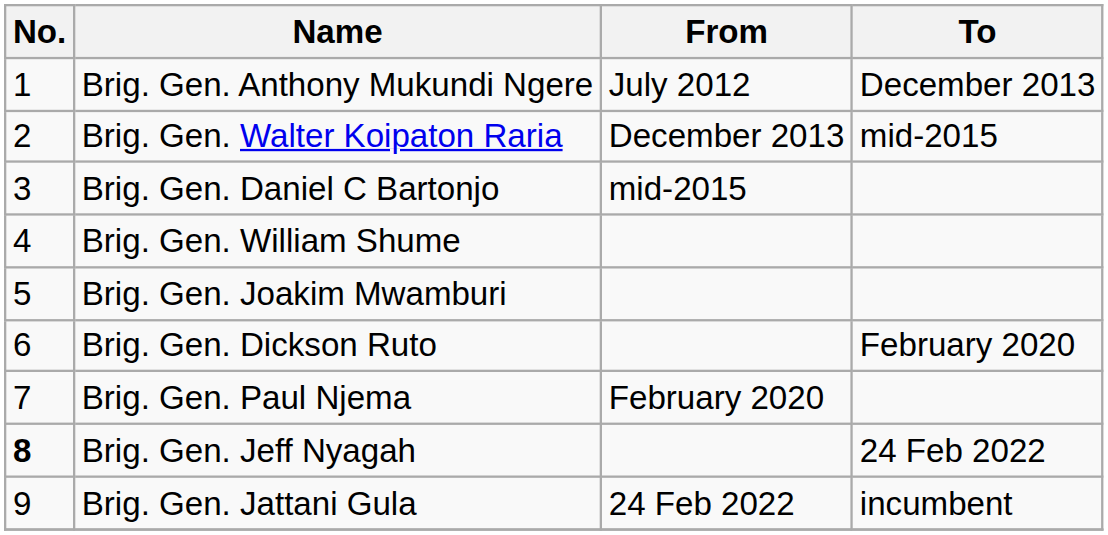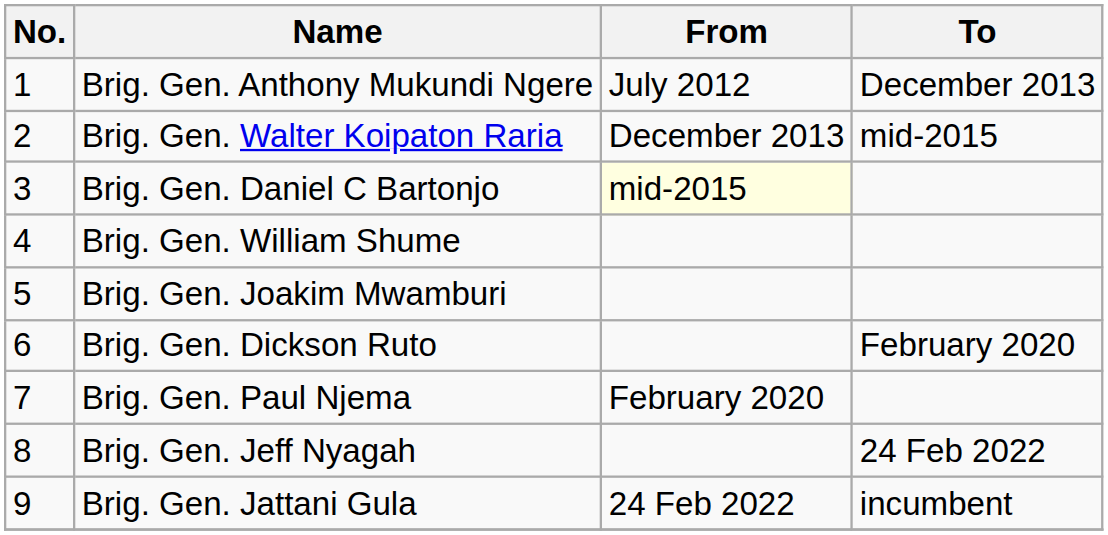 <table class="wikitable" style="font-size:90%; text-align:left;">
 <tr>
 <th>No.</th>
 <th>Name</th>
 <th>From</th>
 <th>To</th>
 </tr>
 <tr>
 <td>1</td>
 <td>Brig. Gen. Anthony Mukundi Ngere</td>
 <td>July 2012</td>
 <td>December 2013</td>
 </tr>
 <tr>
 <td>2</td>
 <td>Brig. Gen. <a href='#'>Walter Koipaton Raria</a></td>
 <td>December 2013</td>
 <td>mid-2015</td>
 </tr>
 <tr>
 <td>3</td>
 <td>Brig. Gen. Daniel C Bartonjo</td>
-<td>mid-2015</td>
+<td style="background: lightyellow;">mid-2015</td>
 <td></td>
 </tr>
 <tr>
 <td>4</td>
 <td>Brig. Gen. William Shume</td>
 <td></td>
 <td></td>
 </tr>
 <tr>
 <td>5</td>
 <td>Brig. Gen. Joakim Mwamburi</td>
 <td></td>
 <td></td>
 </tr>
 <tr>
 <td>6</td>
 <td>Brig. Gen. Dickson Ruto</td>
 <td></td>
 <td>February 2020</td>
 </tr>
 <tr>
 <td>7</td>
 <td>Brig. Gen. Paul Njema</td>
 <td>February 2020</td>
 <td></td>
 </tr>
 <tr>
-<td><strong>8</strong></td>
+<td>8</td>
 <td>Brig. Gen. Jeff Nyagah</td>
 <td></td>
 <td>24 Feb 2022</td>
 </tr>
 <tr>
 <td>9</td>
 <td>Brig. Gen. Jattani Gula</td>
 <td>24 Feb 2022</td>
 <td>incumbent</td>
 </tr>
 <tr>
 </tr>
 </table>
